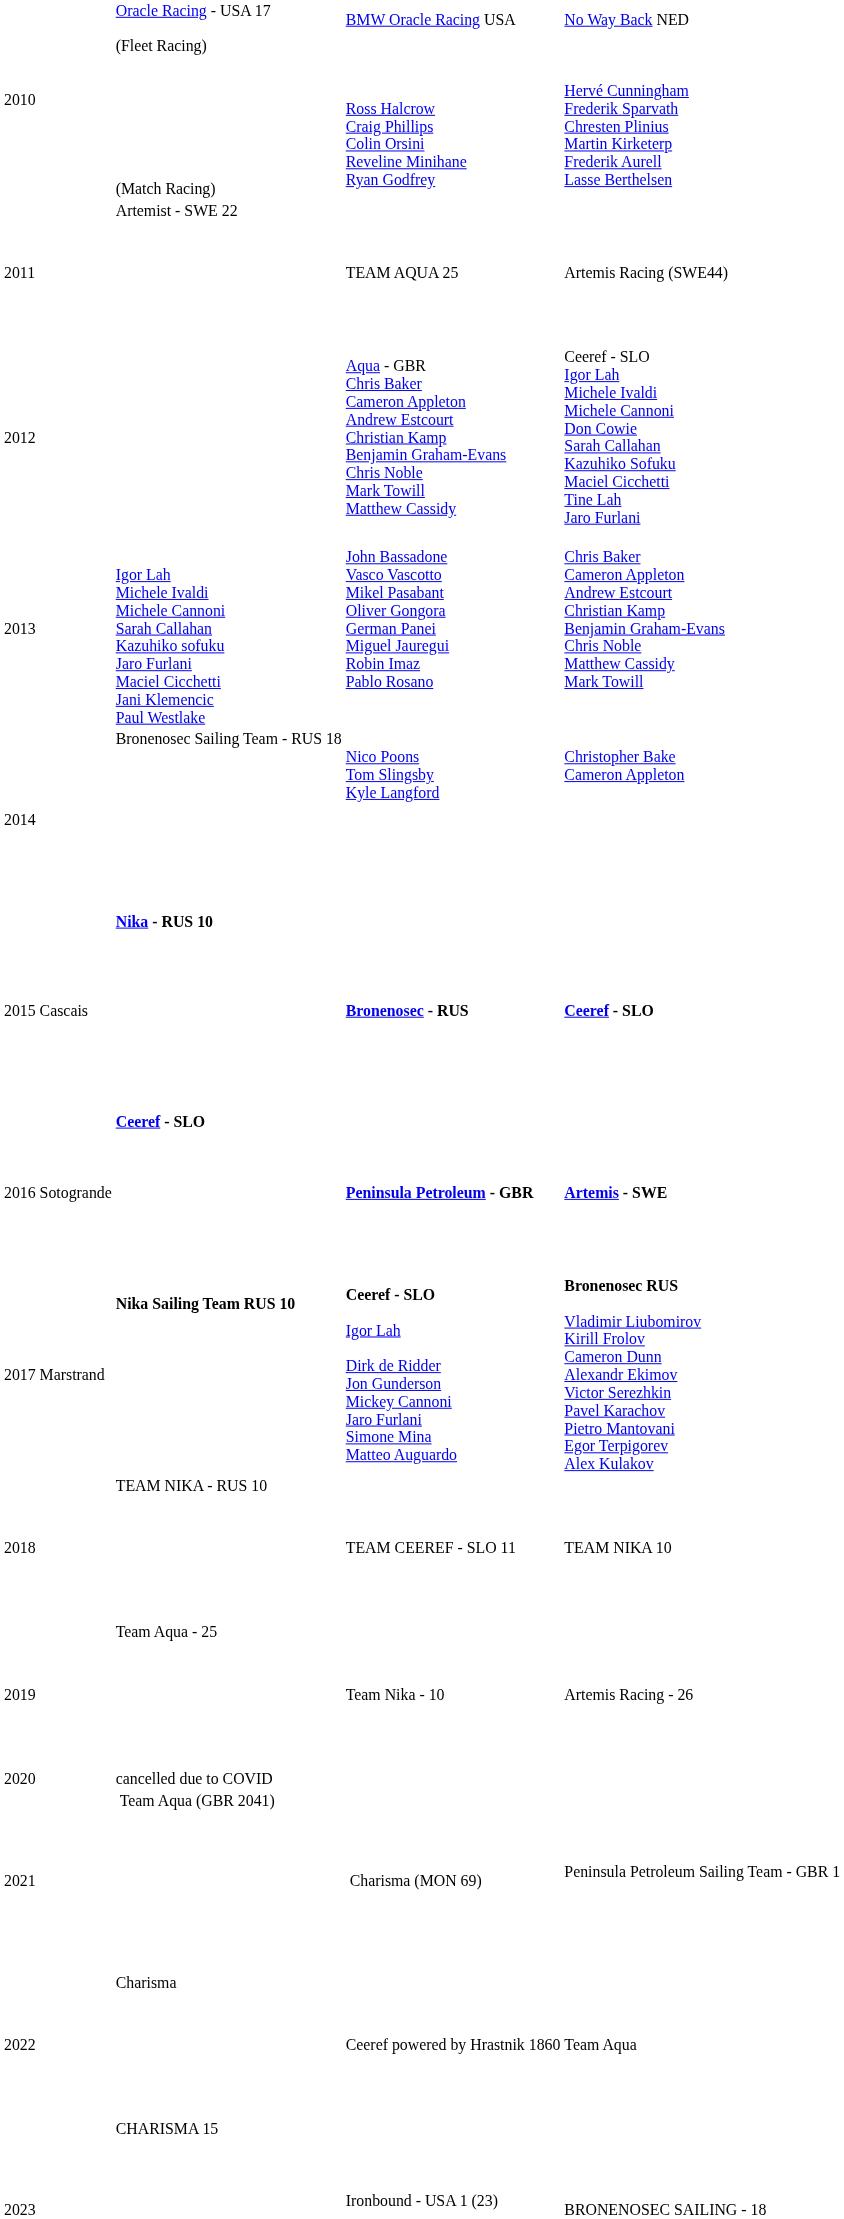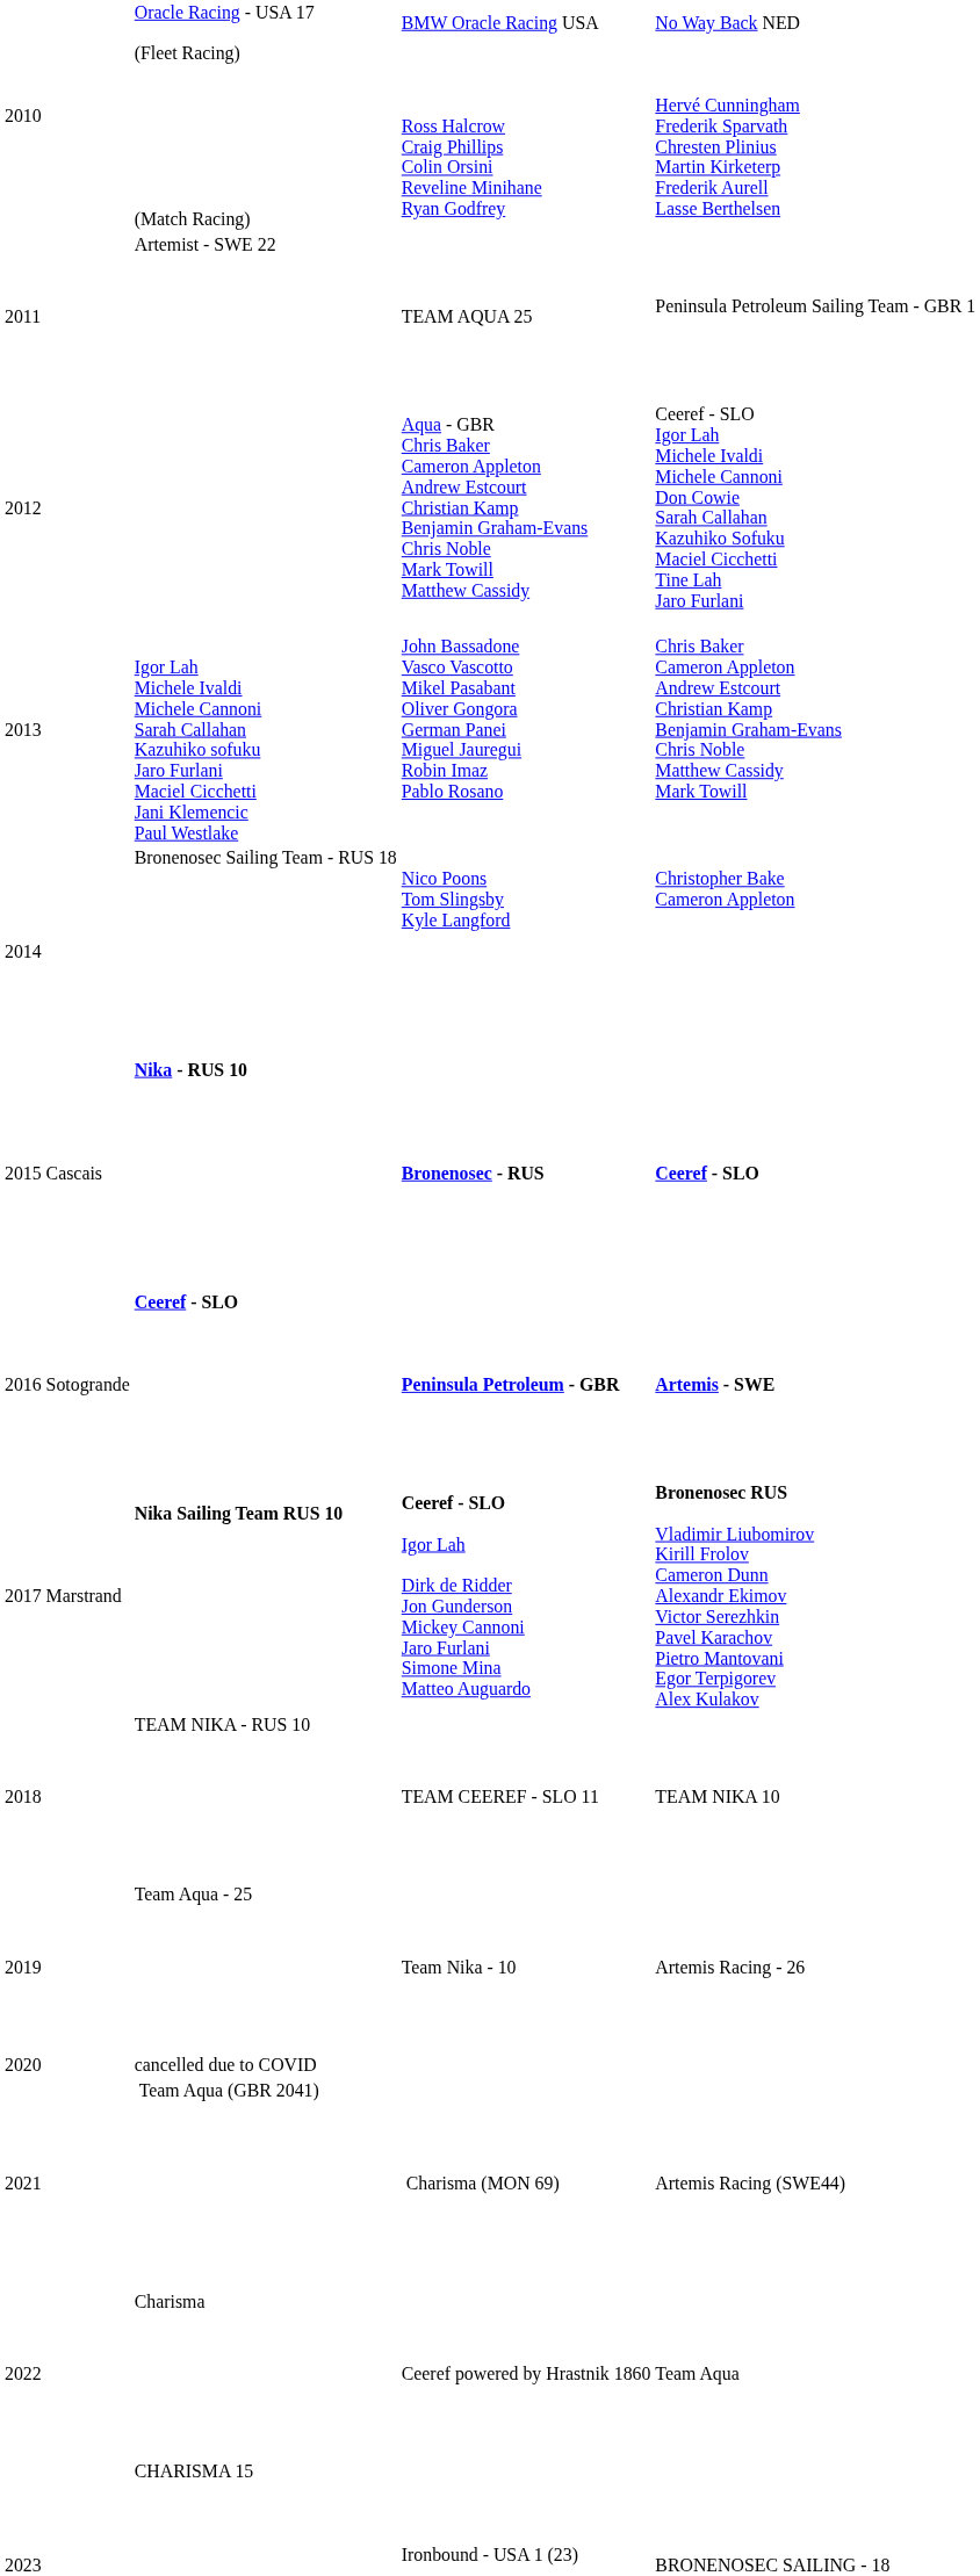 <table>
 <tr>
 <td>2010</td>
 <td><a href='#'>Oracle Racing</a> - USA 17<br><br> (Fleet Racing)<br>  <br> <br> <br> <br> <br> <br> <br>  (Match Racing)<br></td>
 <td><a href='#'>BMW Oracle Racing</a> USA<br><br><br> <br> <br> <a href='#'>Ross Halcrow</a><br><a href='#'>Craig Phillips</a><br><a href='#'>Colin Orsini</a><br><a href='#'>Reveline Minihane</a><br><a href='#'>Ryan Godfrey</a></td>
 <td><a href='#'>No Way Back</a> NED<br><br><br> <br> <a href='#'>Hervé Cunningham</a><br> <a href='#'>Frederik Sparvath</a><br> <a href='#'>Chresten Plinius</a><br><a href='#'>Martin Kirketerp</a><br><a href='#'>Frederik Aurell</a><br><a href='#'>Lasse Berthelsen</a></td>
 </tr>
 <tr>
 <td>2011</td>
 <td>Artemist - SWE 22<br><br> <br> <br> <br> <br> <br> <br> </td>
 <td>TEAM AQUA 25</td>
-<td>Artemis Racing (SWE44)</td>
+<td>Peninsula Petroleum Sailing Team - GBR 1<br><br> </td>
 <td></td>
 </tr>
 <tr>
 <td>2012</td>
 <td><br><br><br> <br> <br> <br> <br> <br> <br> </td>
 <td><a href='#'>Aqua</a> - GBR<br><a href='#'>Chris Baker</a><br><a href='#'>Cameron Appleton</a><br><a href='#'>Andrew Estcourt</a><br><a href='#'>Christian Kamp</a><br><a href='#'>Benjamin Graham-Evans</a><br><a href='#'>Chris Noble</a><br><a href='#'>Mark Towill</a><br><a href='#'>Matthew Cassidy</a></td>
 <td>Ceeref - SLO<br><a href='#'>Igor Lah</a><br><a href='#'>Michele Ivaldi</a><br><a href='#'>Michele Cannoni</a><br><a href='#'>Don Cowie</a><br><a href='#'>Sarah Callahan</a><br><a href='#'>Kazuhiko Sofuku</a><br><a href='#'>Maciel Cicchetti</a><br><a href='#'>Tine Lah</a><br><a href='#'>Jaro Furlani</a></td>
 </tr>
 <tr>
 <td>2013</td>
 <td style="vertical-align:top;"><br><br><a href='#'>Igor Lah</a><br><a href='#'>Michele Ivaldi</a><br><a href='#'>Michele Cannoni</a><br><a href='#'>Sarah Callahan</a><br><a href='#'>Kazuhiko sofuku</a><br><a href='#'>Jaro Furlani</a><br><a href='#'>Maciel Cicchetti</a><br><a href='#'>Jani Klemencic</a><br><a href='#'>Paul Westlake</a></td>
 <td style="vertical-align:top;"><br><a href='#'>John Bassadone</a><br><a href='#'>Vasco Vascotto</a><br><a href='#'>Mikel Pasabant</a><br><a href='#'>Oliver Gongora</a><br><a href='#'>German Panei</a><br><a href='#'>Miguel Jauregui</a><br><a href='#'>Robin Imaz</a><br><a href='#'>Pablo Rosano</a></td>
 <td style="vertical-align:top;"><br><a href='#'>Chris Baker</a><br><a href='#'>Cameron Appleton</a><br><a href='#'>Andrew Estcourt</a><br><a href='#'>Christian Kamp</a><br><a href='#'>Benjamin Graham-Evans</a><br><a href='#'>Chris Noble</a><br><a href='#'>Matthew Cassidy</a><br><a href='#'>Mark Towill</a></td>
 </tr>
 <tr>
 <td>2014</td>
 <td>Bronenosec Sailing Team - RUS 18<br><br><br> <br> <br> <br> <br> <br> <br> <br> </td>
 <td style="vertical-align:top;"><br><a href='#'>Nico Poons</a><br><a href='#'>Tom Slingsby</a><br><a href='#'>Kyle Langford</a><br></td>
 <td style="vertical-align:top;"><br><a href='#'>Christopher Bake</a><br><a href='#'>Cameron Appleton</a></td>
 </tr>
 <tr>
 <td>2015 Cascais</td>
 <td><strong><a href='#'>Nika</a> - RUS 10</strong><br><br> <br> <br> <br> <br> <br> <br> <br> <br> <br></td>
 <td><strong><a href='#'>Bronenosec</a> - RUS</strong><br></td>
 <td><strong><a href='#'>Ceeref</a> - SLO</strong><br></td>
 </tr>
 <tr>
 <td>2016 Sotogrande</td>
 <td><strong><a href='#'>Ceeref</a> - SLO</strong><br><br><br> <br> <br> <br> <br> <br> <br> </td>
 <td><strong><a href='#'>Peninsula Petroleum</a> - GBR</strong><br></td>
 <td><strong><a href='#'>Artemis</a> - SWE</strong><br></td>
 </tr>
 <tr>
 <td>2017 Marstrand</td>
 <td><strong>Nika Sailing Team RUS 10</strong><br><br> <br> <br> <br> <br> <br> <br> <br></td>
 <td><strong>Ceeref - SLO</strong><br><br><a href='#'>Igor Lah</a><br> <br> <a href='#'>Dirk de Ridder</a><br> <a href='#'>Jon Gunderson</a><br> <a href='#'>Mickey Cannoni</a><br> <a href='#'>Jaro Furlani</a><br> <a href='#'>Simone Mina</a><br> <a href='#'>Matteo Auguardo</a></td>
 <td><strong>Bronenosec RUS</strong><br><br><a href='#'>Vladimir Liubomirov</a><br> <a href='#'>Kirill Frolov</a><br> <a href='#'>Cameron Dunn</a><br> <a href='#'>Alexandr Ekimov</a><br> <a href='#'>Victor Serezhkin</a><br> <a href='#'>Pavel Karachov</a><br> <a href='#'>Pietro Mantovani</a><br> <a href='#'>Egor Terpigorev</a><br> <a href='#'>Alex Kulakov</a></td>
 </tr>
 <tr>
 <td>2018</td>
 <td>TEAM NIKA - RUS 10<br><br> <br> <br> <br> <br> <br> <br> </td>
 <td>TEAM CEEREF - SLO 11</td>
 <td>TEAM NIKA 10</td>
 <td></td>
 </tr>
 <tr>
 <td>2019</td>
 <td>Team Aqua - 25<br><br> <br> <br> <br> <br> <br> <br> </td>
 <td>Team Nika - 10</td>
 <td>Artemis Racing - 26</td>
 <td></td>
 </tr>
 <tr>
 <td>2020</td>
 <td colspan=3>cancelled due to COVID</td>
 </tr>
 <tr>
 <td>2021</td>
 <td> Team Aqua (GBR 2041)<br><br><br> <br> <br> <br> <br> <br> <br> <br></td>
 <td> Charisma (MON 69)</td>
-<td>Peninsula Petroleum Sailing Team - GBR 1<br><br> </td>
+<td>Artemis Racing (SWE44)</td>
 <td></td>
 </tr>
 <tr>
 <td>2022</td>
 <td>Charisma<br><br> <br> <br> <br> <br> <br> <br> </td>
 <td>Ceeref powered by Hrastnik 1860</td>
 <td>Team Aqua</td>
 <td></td>
 </tr>
 <tr>
 <td>2023</td>
 <td>CHARISMA 15<br><br> <br> <br> <br> <br> <br> <br> <br> <br></td>
 <td>Ironbound - USA 1 (23)<br><br> </td>
 <td>BRONENOSEC SAILING - 18</td>
 <td></td>
 </tr>
 </table>
